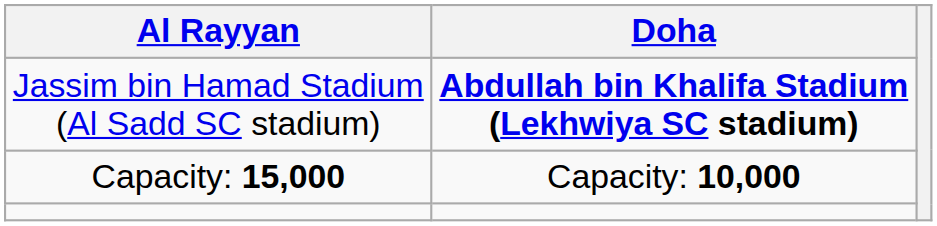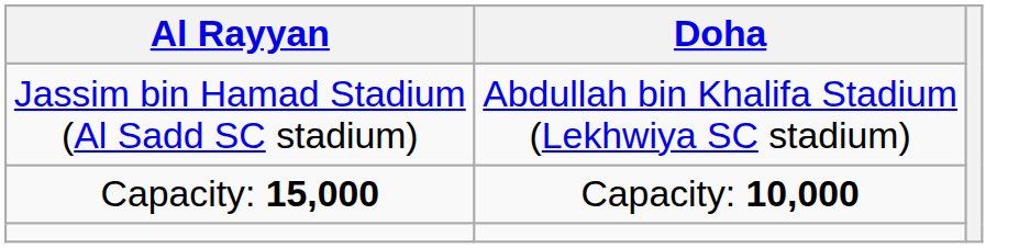 <table class="wikitable" style="text-align:center">
 <tr>
 <th><a href='#'>Al Rayyan</a></th>
 <th><a href='#'>Doha</a></th>
 <th rowspan="4"></th>
 </tr>
 <tr>
 <td><a href='#'>Jassim bin Hamad Stadium</a><br>(<a href='#'>Al Sadd SC</a> stadium)</td>
-<td><strong><a href='#'>Abdullah bin Khalifa Stadium</a><br>(<a href='#'>Lekhwiya SC</a> stadium)</strong></td>
+<td><a href='#'>Abdullah bin Khalifa Stadium</a><br>(<a href='#'>Lekhwiya SC</a> stadium)</td>
 </tr>
 <tr>
 <td>Capacity: <strong>15,000</strong></td>
 <td>Capacity: <strong>10,000</strong></td>
 </tr>
 <tr>
 <td></td>
 <td></td>
 </tr>
 </table>
